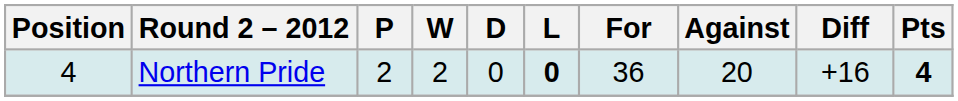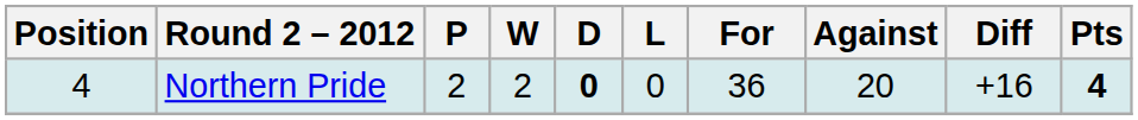 <table class="wikitable" style="text-align:center; font-size:85%;">
 <tr>
 <th width=40 abbr="Position">Position</th>
 <th width=100>Round 2 – 2012</th>
 <th width=20 abbr="Played">P</th>
 <th width=20 abbr="Won">W</th>
 <th width=20 abbr="Drawn">D</th>
 <th width=20 abbr="Lost">L</th>
 <th width=40 abbr="Points for">For</th>
 <th width=40 abbr="Points against">Against</th>
 <th width=40 abbr="Points difference">Diff</th>
 <th width=20 abbr="Points">Pts</th>
 </tr>
 <tr style="background: #d7ebed;">
 <td>4</td>
 <td style="text-align:left;"> <a href='#'>Northern Pride</a></td>
 <td>2</td>
 <td>2</td>
+<td><strong>0</strong></td>
 <td>0</td>
-<td><strong>0</strong></td>
 <td>36</td>
 <td>20</td>
 <td>+16</td>
 <td><strong>4</strong></td>
 </tr>
 <tr>
 </tr>
 </table>
